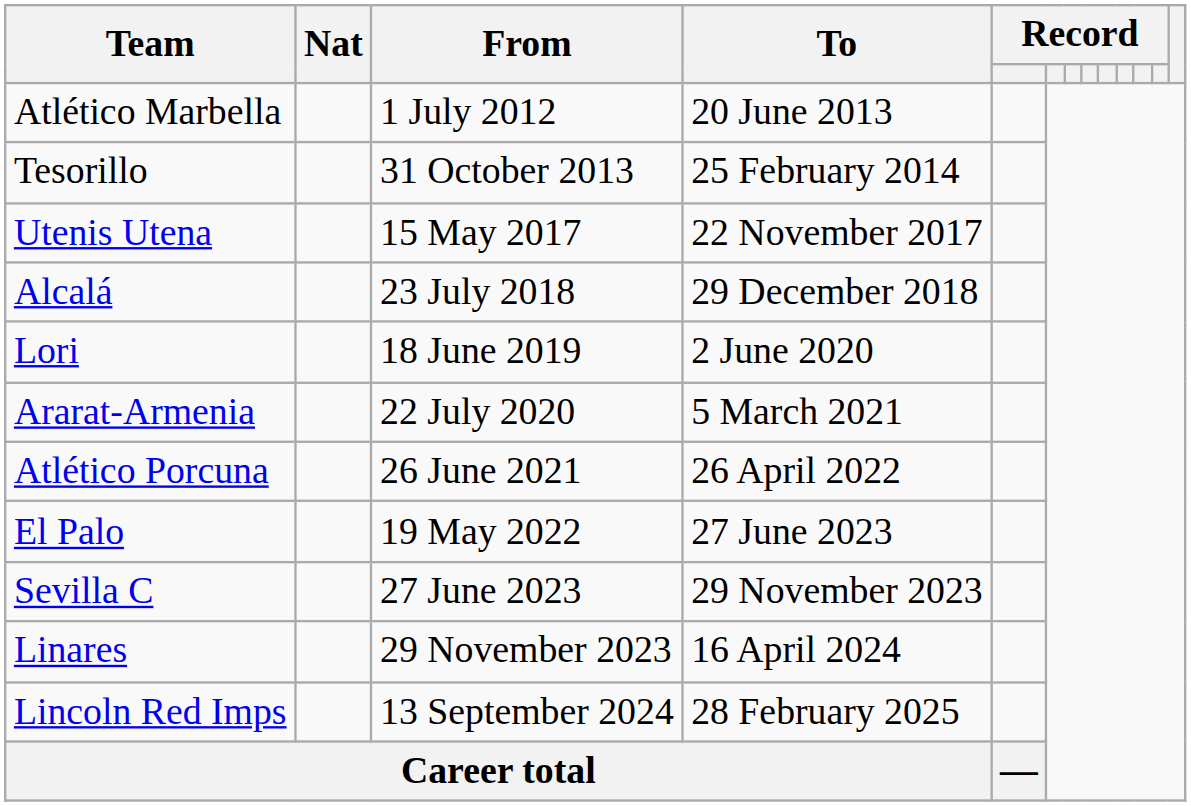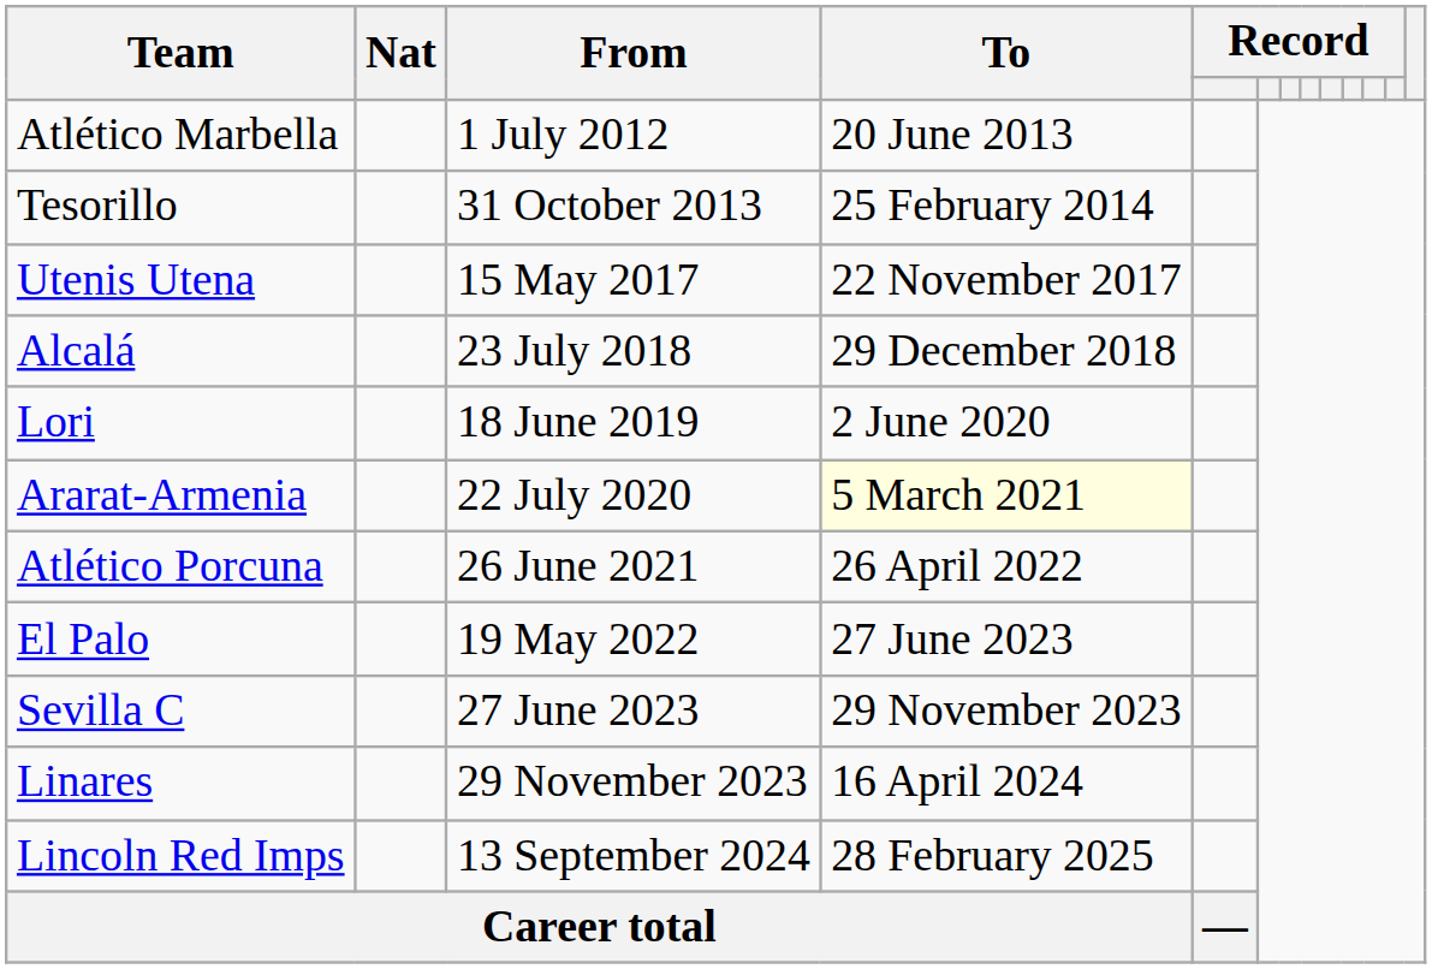 <table class="wikitable" style="text-align: center">
 <tr>
 <th rowspan="2">Team</th>
 <th rowspan="2">Nat</th>
 <th rowspan="2">From</th>
 <th rowspan="2">To</th>
 <th colspan="8">Record</th>
 <th rowspan=2></th>
 </tr>
 <tr>
 <th></th>
 <th></th>
 <th></th>
 <th></th>
 <th></th>
 <th></th>
 <th></th>
 <th></th>
 </tr>
 <tr>
 <td align="left">Atlético Marbella</td>
 <td></td>
 <td align=left>1 July 2012</td>
 <td align=left>20 June 2013<br></td>
 <td></td>
 </tr>
 <tr>
 <td align="left">Tesorillo</td>
 <td></td>
 <td align=left>31 October 2013</td>
 <td align=left>25 February 2014<br></td>
 <td></td>
 </tr>
 <tr>
 <td align="left"><a href='#'>Utenis Utena</a></td>
 <td></td>
 <td align=left>15 May 2017</td>
 <td align=left>22 November 2017<br></td>
 <td></td>
 </tr>
 <tr>
 <td align="left"><a href='#'>Alcalá</a></td>
 <td></td>
 <td align=left>23 July 2018</td>
 <td align=left>29 December 2018<br></td>
 <td></td>
 </tr>
 <tr>
 <td align="left"><a href='#'>Lori</a></td>
 <td></td>
 <td align=left>18 June 2019</td>
 <td align=left>2 June 2020<br></td>
 <td></td>
 </tr>
 <tr>
 <td align="left"><a href='#'>Ararat-Armenia</a></td>
 <td></td>
 <td align=left>22 July 2020</td>
-<td align=left>5 March 2021<br></td>
+<td align=left style="background: lightyellow;">5 March 2021<br></td>
 <td></td>
 </tr>
 <tr>
 <td align="left"><a href='#'>Atlético Porcuna</a></td>
 <td></td>
 <td align=left>26 June 2021</td>
 <td align=left>26 April 2022<br></td>
 <td></td>
 </tr>
 <tr>
 <td align="left"><a href='#'>El Palo</a></td>
 <td></td>
 <td align=left>19 May 2022</td>
 <td align=left>27 June 2023<br></td>
 <td></td>
 </tr>
 <tr>
 <td align="left"><a href='#'>Sevilla C</a></td>
 <td></td>
 <td align=left>27 June 2023</td>
 <td align=left>29 November 2023<br></td>
 <td></td>
 </tr>
 <tr>
 <td align="left"><a href='#'>Linares</a></td>
 <td></td>
 <td align=left>29 November 2023</td>
 <td align=left>16 April 2024<br></td>
 <td></td>
 </tr>
 <tr>
 <td align="left"><a href='#'>Lincoln Red Imps</a></td>
 <td></td>
 <td align=left>13 September 2024</td>
 <td align=left>28 February 2025<br></td>
 <td></td>
 </tr>
 <tr>
 <th colspan=4>Career total<br></th>
 <th>—</th>
 </tr>
 </table>
